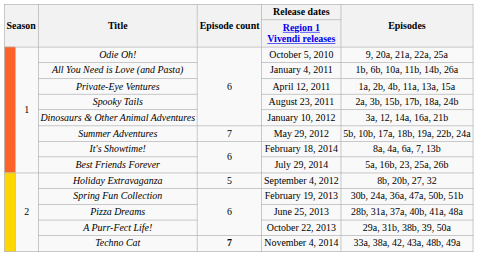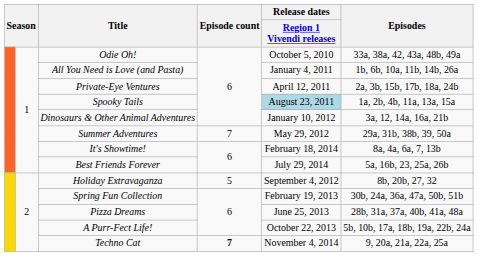 <table class="wikitable sortable" style="text-align: center;">
 <tr>
 <th colspan=2 rowspan=2>Season</th>
 <th rowspan=2>Title</th>
 <th rowspan=2>Episode count</th>
 <th>Release dates</th>
 <th rowspan=2>Episodes</th>
 </tr>
 <tr>
 <th><a href='#'>Region 1</a><br><a href='#'>Vivendi releases</a></th>
 </tr>
 <tr>
 <td rowspan=9 style="background:#FF6229"></td>
 <td rowspan=9>1</td>
 <td><em>Odie Oh!</em></td>
 <td rowspan=5>6</td>
 <td>October 5, 2010</td>
-<td>9, 20a, 21a, 22a, 25a</td>
+<td>33a, 38a, 42, 43a, 48b, 49a</td>
 </tr>
 <tr>
 <td><em>All You Need is Love (and Pasta)</em></td>
 <td>January 4, 2011</td>
 <td>1b, 6b, 10a, 11b, 14b, 26a</td>
 </tr>
 <tr>
 <td><em>Private-Eye Ventures</em></td>
 <td>April 12, 2011</td>
-<td>1a, 2b, 4b, 11a, 13a, 15a</td>
+<td>2a, 3b, 15b, 17b, 18a, 24b</td>
 </tr>
 <tr>
 <td><em>Spooky Tails</em></td>
-<td>August 23, 2011</td>
-<td>2a, 3b, 15b, 17b, 18a, 24b</td>
+<td style="background: lightblue;">August 23, 2011</td>
+<td>1a, 2b, 4b, 11a, 13a, 15a</td>
 </tr>
 <tr>
 <td><em>Dinosaurs & Other Animal Adventures</em></td>
 <td>January 10, 2012</td>
 <td>3a, 12, 14a, 16a, 21b</td>
 </tr>
 <tr>
 <td><em>Summer Adventures</em></td>
 <td>7</td>
 <td>May 29, 2012</td>
-<td>5b, 10b, 17a, 18b, 19a, 22b, 24a</td>
+<td>29a, 31b, 38b, 39, 50a</td>
 </tr>
 <tr>
 <td><em>It's Showtime!</em></td>
 <td rowspan=2>6</td>
 <td>February 18, 2014</td>
 <td>8a, 4a, 6a, 7, 13b</td>
 </tr>
 <tr>
 <td><em>Best Friends Forever</em></td>
 <td>July 29, 2014</td>
 <td>5a, 16b, 23, 25a, 26b</td>
 </tr>
 <tr>
 <td rowspan=2><em>Holiday Extravaganza</em></td>
 <td rowspan=2>5</td>
 <td rowspan=2>September 4, 2012</td>
 <td rowspan=2>8b, 20b, 27, 32</td>
 </tr>
 <tr>
 <td rowspan=5 style="background:#FFD700"></td>
 <td rowspan=5>2</td>
 </tr>
 <tr>
 <td><em>Spring Fun Collection</em></td>
 <td rowspan=3>6</td>
 <td>February 19, 2013</td>
 <td>30b, 24a, 36a, 47a, 50b, 51b</td>
 </tr>
 <tr>
 <td><em>Pizza Dreams</em></td>
 <td>June 25, 2013</td>
 <td>28b, 31a, 37a, 40b, 41a, 48a</td>
 </tr>
 <tr>
 <td><em>A Purr-Fect Life!</em></td>
 <td>October 22, 2013</td>
-<td>29a, 31b, 38b, 39, 50a</td>
+<td>5b, 10b, 17a, 18b, 19a, 22b, 24a</td>
 </tr>
 <tr>
 <td><em>Techno Cat</em></td>
 <td><strong>7</strong></td>
 <td>November 4, 2014</td>
-<td>33a, 38a, 42, 43a, 48b, 49a</td>
+<td>9, 20a, 21a, 22a, 25a</td>
 </tr>
 </table>
